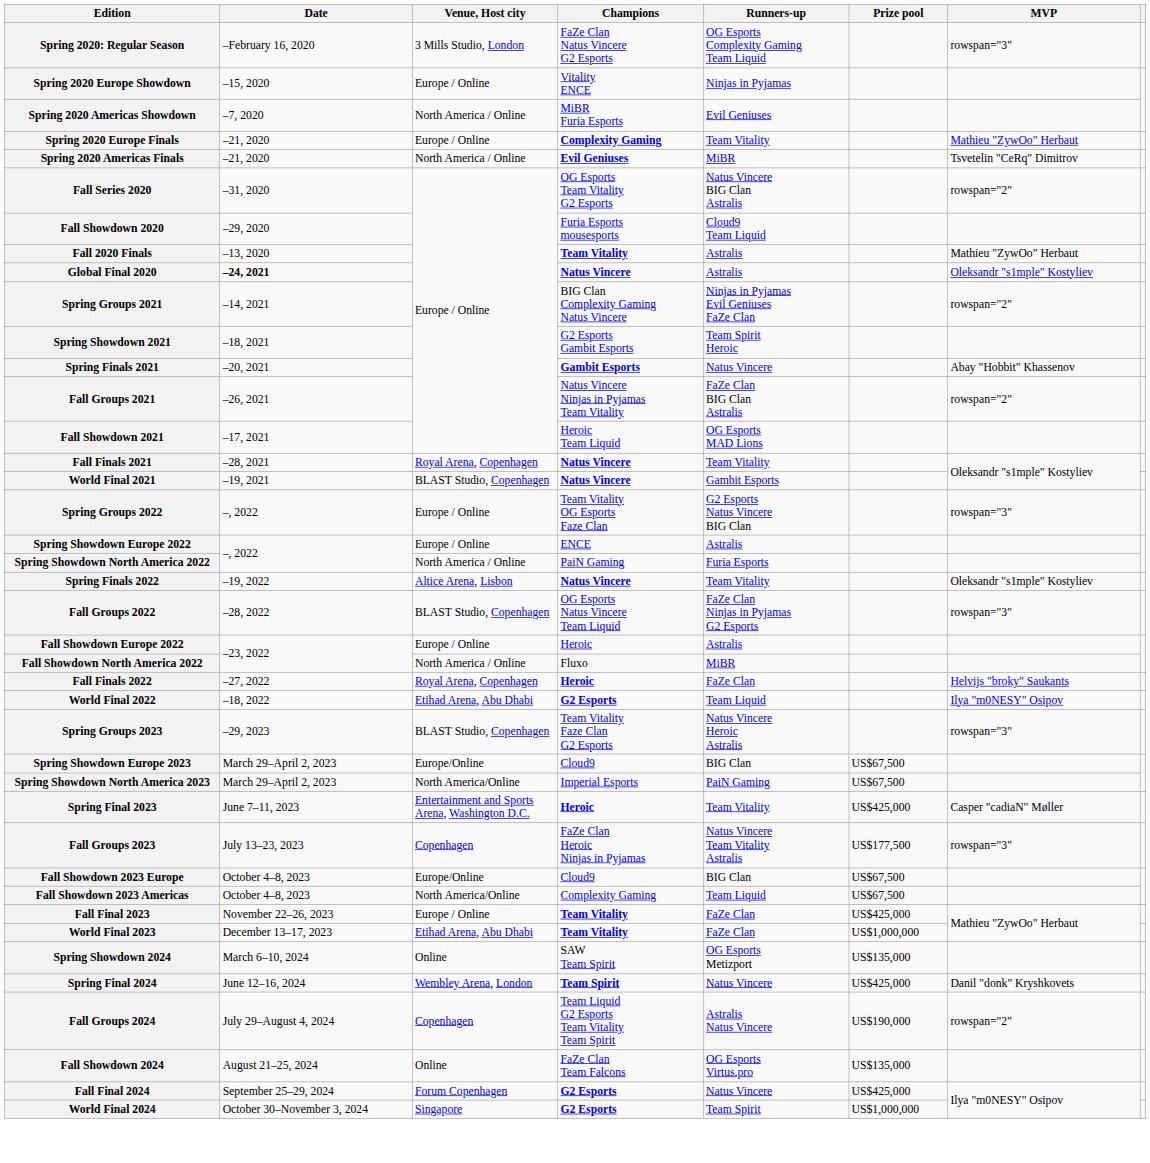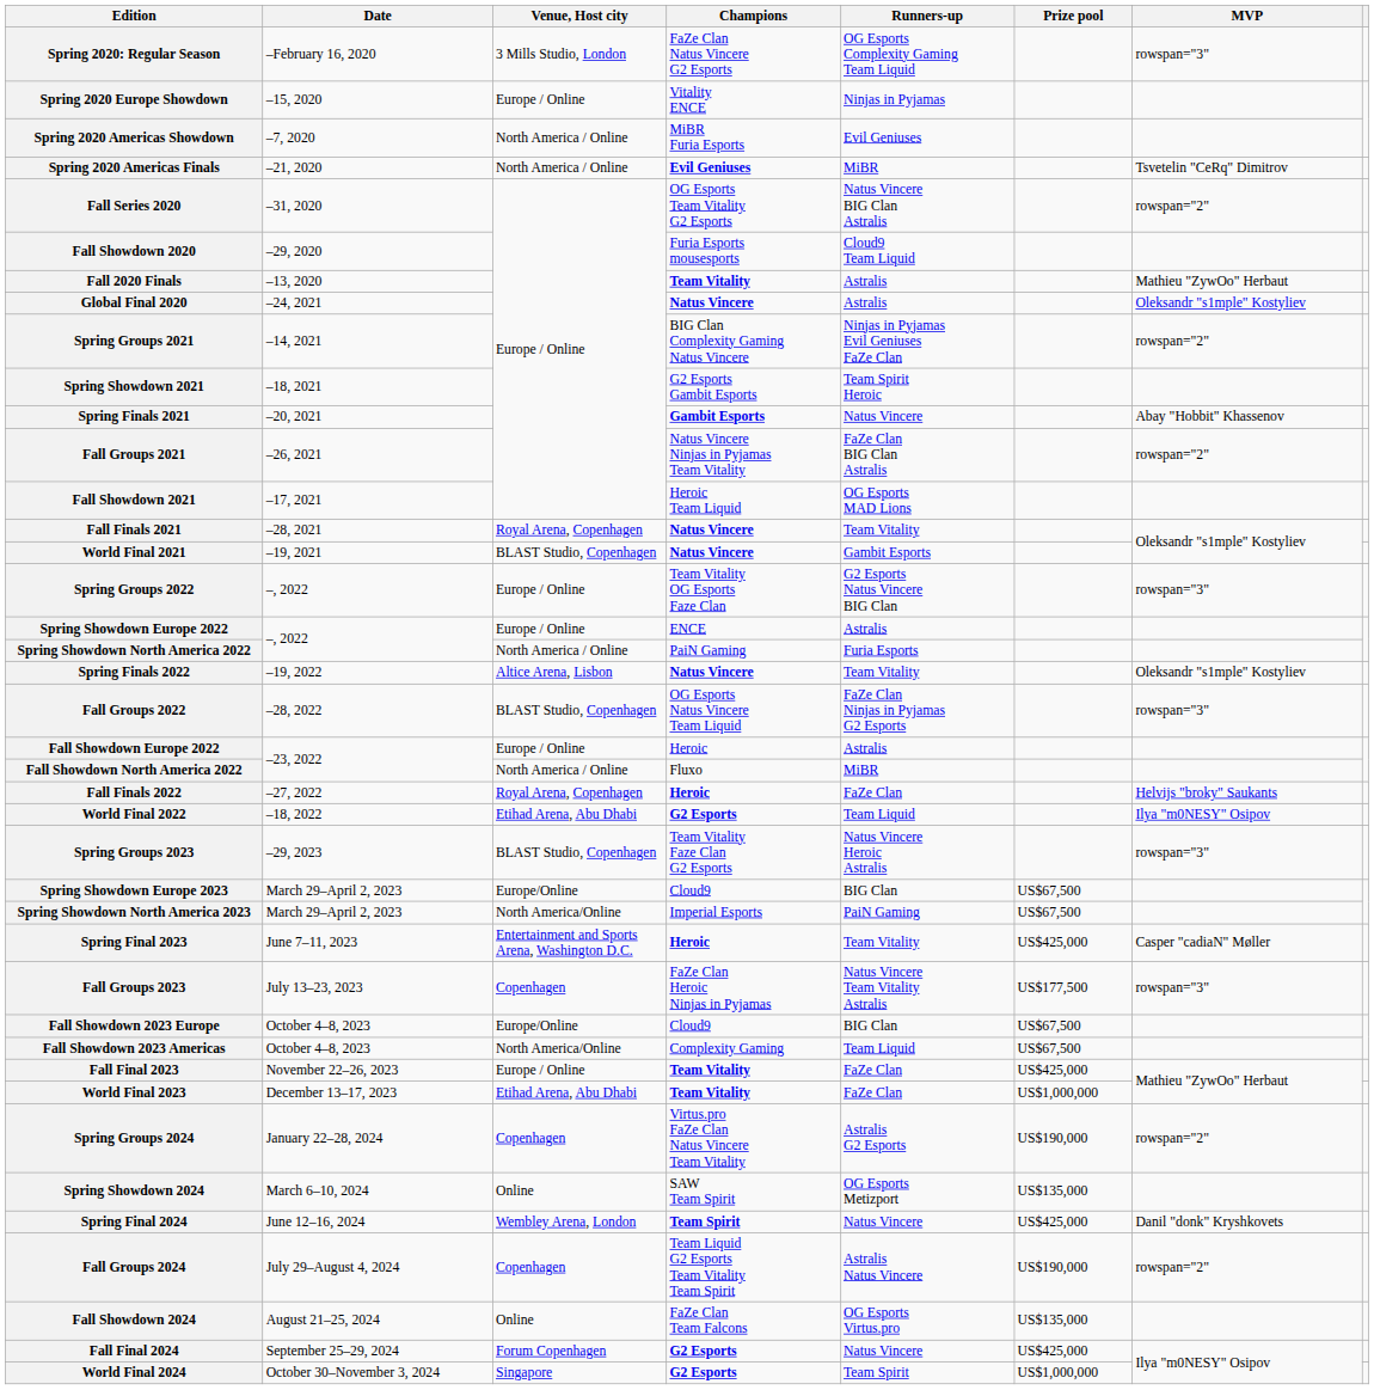 <table class="wikitable plainrowheaders" style="text-align:left;">
 <tr>
 <th scope="col" style="width:18em;">Edition</th>
 <th scope="col" style="width:16em;">Date</th>
 <th scope="col" style="width:12em;">Venue, Host city</th>
 <th scope="col" style="width:12em;">Champions</th>
 <th scope="col" style="width:12em;">Runners-up</th>
 <th scope="col" style="width:8em;">Prize pool</th>
 <th scope="col" style="width:16em;">MVP</th>
 <th scope=col class="unsortable"></th>
 </tr>
 <tr>
 <th scope="row">Spring 2020: Regular Season</th>
 <td>–February 16, 2020</td>
 <td>3 Mills Studio, <a href='#'>London</a></td>
 <td><a href='#'>FaZe Clan</a><br> <a href='#'>Natus Vincere</a><br> <a href='#'>G2 Esports</a></td>
 <td><a href='#'>OG Esports</a><br> <a href='#'>Complexity Gaming</a><br> <a href='#'>Team Liquid</a></td>
 <td></td>
 <td>rowspan="3" </td>
 <td style="text-align: center;"></td>
 </tr>
 <tr>
 <th scope="row">Spring 2020 Europe Showdown</th>
 <td>–15, 2020</td>
 <td>Europe / Online</td>
 <td><a href='#'>Vitality</a><br> <a href='#'>ENCE</a></td>
 <td><a href='#'>Ninjas in Pyjamas</a></td>
 <td></td>
 <td style="text-align: center;"></td>
 </tr>
 <tr>
 <th scope="row">Spring 2020 Americas Showdown</th>
 <td>–7, 2020</td>
 <td>North America / Online</td>
 <td><a href='#'>MiBR</a><br> <a href='#'>Furia Esports</a></td>
 <td><a href='#'>Evil Geniuses</a></td>
 <td></td>
-<td style="text-align: center;"></td>
-</tr>
-<tr>
-<th scope="row"><strong>Spring 2020 Europe Finals</strong></th>
-<td>–21, 2020</td>
-<td>Europe / Online</td>
-<td><strong><a href='#'>Complexity Gaming</a></strong></td>
-<td><a href='#'>Team Vitality</a></td>
-<td></td>
-<td><a href='#'>Mathieu "ZywOo" Herbaut</a></td>
 <td style="text-align: center;"></td>
 </tr>
 <tr>
 <th scope="row"><strong>Spring 2020 Americas Finals</strong></th>
 <td>–21, 2020</td>
 <td>North America / Online</td>
 <td><strong><a href='#'>Evil Geniuses</a></strong></td>
 <td><a href='#'>MiBR</a></td>
 <td></td>
 <td>Tsvetelin "CeRq" Dimitrov</td>
 <td style="text-align: center;"></td>
 </tr>
 <tr>
 <th scope="row">Fall Series 2020</th>
 <td>–31, 2020</td>
 <td rowspan="9">Europe / Online</td>
 <td><a href='#'>OG Esports</a><br> <a href='#'>Team Vitality</a><br> <a href='#'>G2 Esports</a></td>
 <td><a href='#'>Natus Vincere</a><br> BIG Clan<br>  <a href='#'>Astralis</a></td>
 <td></td>
 <td>rowspan="2" </td>
 <td style="text-align: center;"></td>
 </tr>
 <tr>
 <th scope="row">Fall Showdown 2020</th>
 <td>–29, 2020</td>
 <td><a href='#'>Furia Esports</a><br> <a href='#'>mousesports</a></td>
 <td><a href='#'>Cloud9</a><br> <a href='#'>Team Liquid</a></td>
 <td></td>
 <td style="text-align: center;"></td>
 </tr>
 <tr>
 <th scope="row"><strong>Fall 2020 Finals</strong></th>
 <td>–13, 2020</td>
 <td><strong><a href='#'>Team Vitality</a></strong></td>
 <td><a href='#'>Astralis</a></td>
 <td></td>
 <td>Mathieu "ZywOo" Herbaut</td>
 <td style="text-align: center;"></td>
 </tr>
 <tr>
 <th scope="row"><strong>Global Final 2020</strong></th>
-<td><strong>–24, 2021</strong></td>
+<td>–24, 2021</td>
 <td><strong><a href='#'>Natus Vincere</a></strong></td>
 <td><a href='#'>Astralis</a></td>
 <td></td>
 <td><a href='#'>Oleksandr "s1mple" Kostyliev</a></td>
 <td style="text-align: center;"></td>
 </tr>
 <tr>
 <th scope="row">Spring Groups 2021</th>
 <td>–14, 2021</td>
 <td>BIG Clan<br> <a href='#'>Complexity Gaming</a><br> <a href='#'>Natus Vincere</a></td>
 <td><a href='#'>Ninjas in Pyjamas</a><br> <a href='#'>Evil Geniuses</a><br> <a href='#'>FaZe Clan</a></td>
 <td></td>
 <td>rowspan="2" </td>
 <td style="text-align: center;"></td>
 </tr>
 <tr>
 <th scope="row">Spring Showdown 2021</th>
 <td>–18, 2021</td>
 <td><a href='#'>G2 Esports</a><br> <a href='#'>Gambit Esports</a></td>
 <td><a href='#'>Team Spirit</a><br> <a href='#'>Heroic</a></td>
 <td></td>
 <td style="text-align: center;"></td>
 </tr>
 <tr>
 <th scope="row"><strong>Spring Finals 2021</strong></th>
 <td>–20, 2021</td>
 <td><strong><a href='#'>Gambit Esports</a></strong></td>
 <td><a href='#'>Natus Vincere</a></td>
 <td></td>
 <td>Abay "Hobbit" Khassenov</td>
 <td style="text-align: center;"></td>
 </tr>
 <tr>
 <th scope="row">Fall Groups 2021</th>
 <td>–26, 2021</td>
 <td><a href='#'>Natus Vincere</a><br> <a href='#'>Ninjas in Pyjamas</a><br> <a href='#'>Team Vitality</a></td>
 <td><a href='#'>FaZe Clan</a><br> BIG Clan<br> <a href='#'>Astralis</a></td>
 <td></td>
 <td>rowspan="2" </td>
 <td style="text-align: center;"></td>
 </tr>
 <tr>
 <th scope="row">Fall Showdown 2021</th>
 <td>–17, 2021</td>
 <td><a href='#'>Heroic</a><br> <a href='#'>Team Liquid</a></td>
 <td><a href='#'>OG Esports</a><br> <a href='#'>MAD Lions</a></td>
 <td></td>
 <td style="text-align: center;"></td>
 </tr>
 <tr>
 <th scope="row"><strong>Fall Finals 2021</strong></th>
 <td>–28, 2021</td>
 <td><a href='#'>Royal Arena</a>, <a href='#'>Copenhagen</a></td>
 <td><strong><a href='#'>Natus Vincere</a></strong></td>
 <td><a href='#'>Team Vitality</a></td>
 <td></td>
 <td rowspan="2">Oleksandr "s1mple" Kostyliev</td>
 <td style="text-align: center;"></td>
 </tr>
 <tr>
 <th scope="row"><strong>World Final 2021</strong></th>
 <td>–19, 2021</td>
 <td>BLAST Studio, <a href='#'>Copenhagen</a></td>
 <td><strong><a href='#'>Natus Vincere</a></strong></td>
 <td><a href='#'>Gambit Esports</a></td>
 <td></td>
 <td style="text-align: center;"></td>
 </tr>
 <tr>
 <th scope="row">Spring Groups 2022</th>
 <td>–, 2022</td>
 <td>Europe / Online</td>
 <td><a href='#'>Team Vitality</a><br> <a href='#'>OG Esports</a><br> <a href='#'>Faze Clan</a></td>
 <td><a href='#'>G2 Esports</a><br> <a href='#'>Natus Vincere</a><br> BIG Clan</td>
 <td></td>
 <td>rowspan="3" </td>
 <td style="text-align: center;"></td>
 </tr>
 <tr>
 <th scope="row">Spring Showdown Europe 2022</th>
 <td rowspan="2">–, 2022</td>
 <td>Europe / Online</td>
 <td><a href='#'>ENCE</a></td>
 <td><a href='#'>Astralis</a></td>
 <td></td>
 <td style="text-align: center;"></td>
 </tr>
 <tr>
 <th scope="row">Spring Showdown North America 2022</th>
 <td>North America / Online</td>
 <td><a href='#'>PaiN Gaming</a></td>
 <td><a href='#'>Furia Esports</a></td>
 <td></td>
 <td style="text-align: center;"></td>
 </tr>
 <tr>
 <th scope="row"><strong>Spring Finals 2022</strong></th>
 <td>–19, 2022</td>
 <td><a href='#'>Altice Arena</a>, <a href='#'>Lisbon</a></td>
 <td><strong><a href='#'>Natus Vincere</a></strong></td>
 <td><a href='#'>Team Vitality</a></td>
 <td></td>
 <td>Oleksandr "s1mple" Kostyliev</td>
 <td style="text-align: center;"></td>
 </tr>
 <tr>
 <th scope="row">Fall Groups 2022</th>
 <td>–28, 2022</td>
 <td>BLAST Studio, <a href='#'>Copenhagen</a></td>
 <td><a href='#'>OG Esports</a><br> <a href='#'>Natus Vincere</a><br> <a href='#'>Team Liquid</a></td>
 <td><a href='#'>FaZe Clan</a><br> <a href='#'>Ninjas in Pyjamas</a> <br> <a href='#'>G2 Esports</a></td>
 <td></td>
 <td>rowspan="3" </td>
 <td style="text-align: center;"></td>
 </tr>
 <tr>
 <th scope="row">Fall Showdown Europe 2022</th>
 <td rowspan="2">–23, 2022</td>
 <td>Europe / Online</td>
 <td><a href='#'>Heroic</a></td>
 <td><a href='#'>Astralis</a></td>
 <td></td>
 <td style="text-align: center;"></td>
 </tr>
 <tr>
 <th scope="row">Fall Showdown North America 2022</th>
 <td>North America / Online</td>
 <td>Fluxo</td>
 <td><a href='#'>MiBR</a></td>
 <td></td>
 <td style="text-align: center;"></td>
 </tr>
 <tr>
 <th scope="row"><strong>Fall Finals 2022</strong></th>
 <td>–27, 2022</td>
 <td><a href='#'>Royal Arena</a>, <a href='#'>Copenhagen</a></td>
 <td><strong><a href='#'>Heroic</a></strong></td>
 <td><a href='#'>FaZe Clan</a></td>
 <td></td>
 <td><a href='#'>Helvijs "broky" Saukants</a></td>
 <td style="text-align: center;"></td>
 </tr>
 <tr>
 <th scope="row"><strong>World Final 2022</strong></th>
 <td>–18, 2022</td>
 <td><a href='#'>Etihad Arena</a>, <a href='#'>Abu Dhabi</a></td>
 <td><strong><a href='#'>G2 Esports</a></strong></td>
 <td><a href='#'>Team Liquid</a></td>
 <td></td>
 <td><a href='#'>Ilya "m0NESY" Osipov</a></td>
 <td style="text-align: center;"></td>
 </tr>
 <tr>
 <th scope="row">Spring Groups 2023</th>
 <td>–29, 2023</td>
 <td>BLAST Studio, <a href='#'>Copenhagen</a></td>
 <td><a href='#'>Team Vitality</a><br> <a href='#'>Faze Clan</a><br> <a href='#'>G2 Esports</a></td>
 <td><a href='#'>Natus Vincere</a><br> <a href='#'>Heroic</a><br> <a href='#'>Astralis</a></td>
 <td></td>
 <td>rowspan="3" </td>
 <td style="text-align: center;"></td>
 </tr>
 <tr>
 <th scope="row">Spring Showdown Europe 2023</th>
 <td>March 29–April 2, 2023</td>
 <td>Europe/Online</td>
 <td><a href='#'>Cloud9</a></td>
 <td>BIG Clan</td>
 <td>US$67,500</td>
 <td style="text-align: center;"></td>
 </tr>
 <tr>
 <th scope="row">Spring Showdown North America 2023</th>
 <td>March 29–April 2, 2023</td>
 <td>North America/Online</td>
 <td><a href='#'>Imperial Esports</a></td>
 <td><a href='#'>PaiN Gaming</a></td>
 <td>US$67,500</td>
 <td style="text-align: center;"></td>
 </tr>
 <tr>
 <th scope="row"><strong>Spring Final 2023</strong></th>
 <td>June 7–11, 2023</td>
 <td><a href='#'>Entertainment and Sports Arena</a>, <a href='#'>Washington D.C.</a></td>
 <td><strong><a href='#'>Heroic</a></strong></td>
 <td><a href='#'>Team Vitality</a></td>
 <td>US$425,000</td>
 <td>Casper "cadiaN" Møller</td>
 <td style="text-align: center;"></td>
 </tr>
 <tr>
 <th scope="row">Fall Groups 2023</th>
 <td>July 13–23, 2023</td>
 <td><a href='#'>Copenhagen</a></td>
 <td><a href='#'>FaZe Clan</a><br> <a href='#'>Heroic</a><br> <a href='#'>Ninjas in Pyjamas</a></td>
 <td><a href='#'>Natus Vincere</a><br> <a href='#'>Team Vitality</a><br> <a href='#'>Astralis</a></td>
 <td>US$177,500</td>
 <td>rowspan="3"</td>
 <td style="text-align: center;"></td>
 </tr>
 <tr>
 <th scope="row">Fall Showdown 2023 Europe</th>
 <td>October 4–8, 2023</td>
 <td>Europe/Online</td>
 <td><a href='#'>Cloud9</a></td>
 <td>BIG Clan</td>
 <td>US$67,500</td>
 <td style="text-align: center;"></td>
 </tr>
 <tr>
 <th scope="row">Fall Showdown 2023 Americas</th>
 <td>October 4–8, 2023</td>
 <td>North America/Online</td>
 <td><a href='#'>Complexity Gaming</a></td>
 <td><a href='#'>Team Liquid</a></td>
 <td>US$67,500</td>
 <td style="text-align: center;"></td>
 </tr>
 <tr>
 <th scope="row"><strong>Fall Final 2023</strong></th>
 <td>November 22–26, 2023</td>
 <td>Europe / Online</td>
 <td><strong><a href='#'>Team Vitality</a></strong></td>
 <td><a href='#'>FaZe Clan</a></td>
 <td>US$425,000</td>
 <td rowspan="2">Mathieu "ZywOo" Herbaut</td>
 <td style="text-align: center;"></td>
 </tr>
 <tr>
 <th scope="row"><strong>World Final 2023</strong></th>
 <td>December 13–17, 2023</td>
 <td><a href='#'>Etihad Arena</a>, <a href='#'>Abu Dhabi</a></td>
 <td><strong><a href='#'>Team Vitality</a></strong></td>
 <td><a href='#'>FaZe Clan</a></td>
 <td>US$1,000,000</td>
 <td style="text-align: center;"></td>
 </tr>
 <tr>
+<th scope="row">Spring Groups 2024</th>
+<td>January 22–28, 2024</td>
+<td><a href='#'>Copenhagen</a></td>
+<td><a href='#'>Virtus.pro</a><br> <a href='#'>FaZe Clan</a><br> <a href='#'>Natus Vincere</a><br> <a href='#'>Team Vitality</a></td>
+<td><a href='#'>Astralis</a><br> <a href='#'>G2 Esports</a></td>
+<td>US$190,000</td>
+<td>rowspan="2"</td>
+<td style="text-align: center;"></td>
+</tr>
+<tr>
 <th scope="row">Spring Showdown 2024</th>
 <td>March 6–10, 2024</td>
 <td>Online</td>
 <td>SAW<br><a href='#'>Team Spirit</a></td>
 <td><a href='#'>OG Esports</a><br>Metizport</td>
 <td>US$135,000</td>
 <td style="text-align: center;"></td>
 </tr>
 <tr>
 <th scope="row"><strong>Spring Final 2024</strong></th>
 <td>June 12–16, 2024</td>
 <td><a href='#'>Wembley Arena</a>, <a href='#'>London</a></td>
 <td><strong><a href='#'>Team Spirit</a></strong></td>
 <td><a href='#'>Natus Vincere</a></td>
 <td>US$425,000</td>
 <td>Danil "donk" Kryshkovets</td>
 <td style="text-align: center;"></td>
 </tr>
 <tr>
 <th scope="row">Fall Groups 2024</th>
 <td>July 29–August 4, 2024</td>
 <td><a href='#'>Copenhagen</a></td>
 <td><a href='#'>Team Liquid</a><br><a href='#'>G2 Esports</a><br><a href='#'>Team Vitality</a><br><a href='#'>Team Spirit</a></td>
 <td><a href='#'>Astralis</a><br><a href='#'>Natus Vincere</a></td>
 <td>US$190,000</td>
 <td>rowspan="2" </td>
 <td style="text-align: center;"></td>
 </tr>
 <tr>
 <th scope="row">Fall Showdown 2024</th>
 <td>August 21–25, 2024</td>
 <td>Online</td>
 <td><a href='#'>FaZe Clan</a><br><a href='#'>Team Falcons</a></td>
 <td><a href='#'>OG Esports</a><br><a href='#'>Virtus.pro</a></td>
 <td>US$135,000</td>
 <td style="text-align: center;"></td>
 </tr>
 <tr>
 <th scope="row"><strong>Fall Final 2024</strong></th>
 <td>September 25–29, 2024</td>
 <td><a href='#'>Forum Copenhagen</a></td>
 <td><strong><a href='#'>G2 Esports</a></strong></td>
 <td><a href='#'>Natus Vincere</a></td>
 <td>US$425,000</td>
 <td rowspan="2">Ilya "m0NESY" Osipov</td>
 <td style="text-align: center;"></td>
 </tr>
 <tr>
 <th scope="row"><strong>World Final 2024</strong></th>
 <td>October 30–November 3, 2024</td>
 <td><a href='#'>Singapore</a></td>
 <td><strong><a href='#'>G2 Esports</a></strong></td>
 <td><a href='#'>Team Spirit</a></td>
 <td>US$1,000,000</td>
 <td style="text-align: center;"></td>
 </tr>
 </table>
